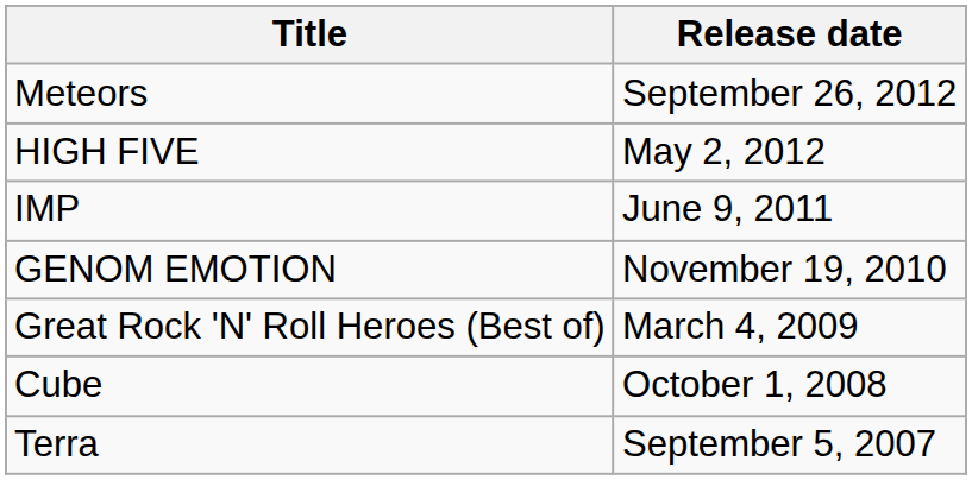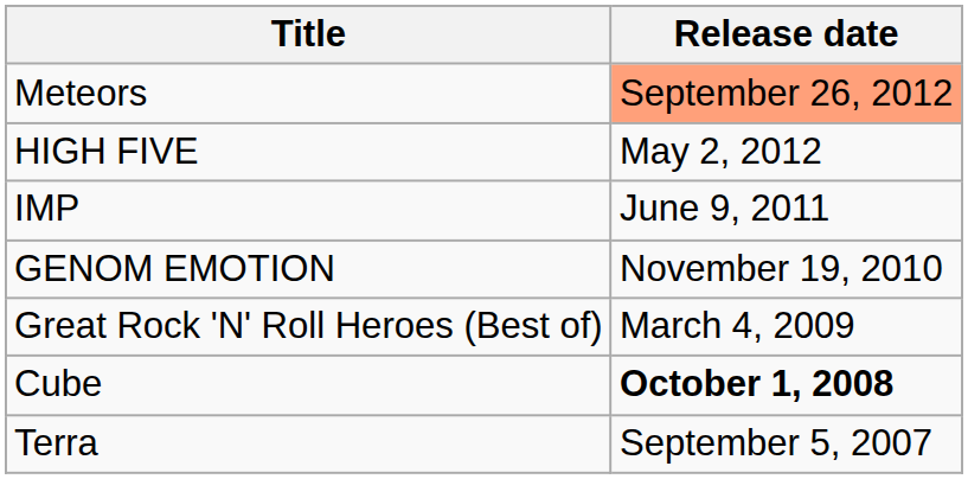 <table class="wikitable">
 <tr>
 <th>Title</th>
 <th>Release date</th>
 </tr>
 <tr>
 <td>Meteors</td>
-<td>September 26, 2012</td>
+<td style="background: lightsalmon;">September 26, 2012</td>
 </tr>
 <tr>
 <td>HIGH FIVE</td>
 <td>May 2, 2012</td>
 </tr>
 <tr>
 <td>IMP</td>
 <td>June 9, 2011</td>
 </tr>
 <tr>
 <td>GENOM EMOTION</td>
 <td>November 19, 2010</td>
 </tr>
 <tr>
 <td>Great Rock 'N' Roll Heroes (Best of)</td>
 <td>March 4, 2009</td>
 </tr>
 <tr>
 <td>Cube</td>
-<td>October 1, 2008</td>
+<td><strong>October 1, 2008</strong></td>
 </tr>
 <tr>
 <td>Terra</td>
 <td>September 5, 2007</td>
 </tr>
 </table>
